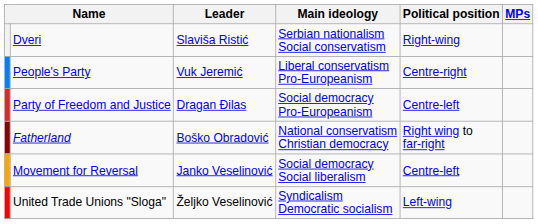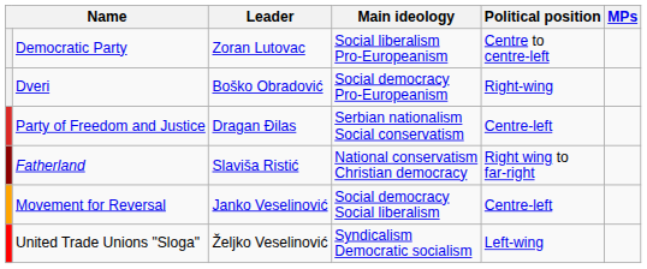 <table class="wikitable" style="text-align; font-size:90%;">
 <tr>
 <th colspan=2>Name</th>
 <th>Leader</th>
 <th>Main ideology</th>
 <th>Political position</th>
 <th><a href='#'>MPs</a> </th>
 </tr>
 <tr>
 <th style="background-color:"></th>
-<td><a href='#'>Dveri</a><br></td>
-<td><a href='#'>Slaviša Ristić</a></td>
-<td><a href='#'>Serbian nationalism</a><br><a href='#'>Social conservatism</a></td>
-<td><a href='#'>Right-wing</a></td>
+<td><a href='#'>Democratic Party</a><br></td>
+<td><a href='#'>Zoran Lutovac</a></td>
+<td><a href='#'>Social liberalism</a><br><a href='#'>Pro-Europeanism</a></td>
+<td><a href='#'>Centre</a> to<br><a href='#'>centre-left</a></td>
 <td></td>
 </tr>
 <tr>
-<th style="background-color:#007FFF; color:white;"></th>
-<td><a href='#'>People's Party</a><br></td>
-<td><a href='#'>Vuk Jeremić</a></td>
-<td><a href='#'>Liberal conservatism</a><br><a href='#'>Pro-Europeanism</a></td>
-<td><a href='#'>Centre-right</a></td>
+<th style="background-color:"></th>
+<td><a href='#'>Dveri</a><br></td>
+<td><a href='#'>Boško Obradović</a></td>
+<td><a href='#'>Social democracy</a><br><a href='#'>Pro-Europeanism</a></td>
+<td><a href='#'>Right-wing</a></td>
 <td></td>
 </tr>
 <tr>
 <th style="background-color:#DB2927; color:white;"></th>
 <td><a href='#'>Party of Freedom and Justice</a><br></td>
 <td><a href='#'>Dragan Đilas</a></td>
-<td><a href='#'>Social democracy</a><br><a href='#'>Pro-Europeanism</a></td>
+<td><a href='#'>Serbian nationalism</a><br><a href='#'>Social conservatism</a></td>
 <td><a href='#'>Centre-left</a></td>
 <td></td>
 </tr>
 <tr>
 <th style="background-color:darkred; color:white;"></th>
 <td><em><a href='#'>Fatherland</a></em><br></td>
-<td><a href='#'>Boško Obradović</a></td>
+<td><a href='#'>Slaviša Ristić</a></td>
 <td><a href='#'>National conservatism</a><br><a href='#'>Christian democracy</a></td>
 <td><a href='#'>Right wing</a> to <br><a href='#'>far-right</a></td>
 <td></td>
 </tr>
 <tr>
 <th style="background-color:orange; color:white;"></th>
 <td><a href='#'>Movement for Reversal</a><br></td>
 <td><a href='#'>Janko Veselinović</a></td>
 <td><a href='#'>Social democracy</a><br><a href='#'>Social liberalism</a></td>
 <td><a href='#'>Centre-left</a></td>
 <td></td>
 </tr>
 <tr>
 <th style="background-color:red; color:white;"></th>
 <td>United Trade Unions "Sloga"<br></td>
 <td>Željko Veselinović</td>
 <td><a href='#'>Syndicalism</a><br><a href='#'>Democratic socialism</a></td>
 <td><a href='#'>Left-wing</a></td>
 <td></td>
 </tr>
 </table>
